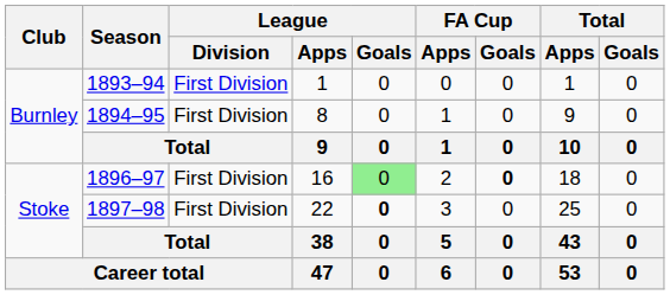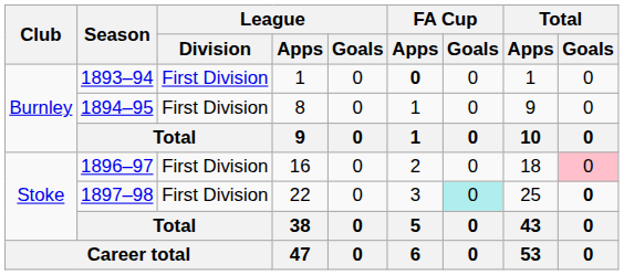 <table class="wikitable" style="text-align: center;">
 <tr>
 <th rowspan="2">Club</th>
 <th rowspan="2">Season</th>
 <th colspan="3">League</th>
 <th colspan="2">FA Cup</th>
 <th colspan="2">Total</th>
 </tr>
 <tr>
 <th>Division</th>
 <th>Apps</th>
 <th>Goals</th>
 <th>Apps</th>
 <th>Goals</th>
 <th>Apps</th>
 <th>Goals</th>
 </tr>
 <tr>
 <td rowspan=3><a href='#'>Burnley</a></td>
 <td><a href='#'>1893–94</a></td>
 <td><a href='#'>First Division</a></td>
 <td>1</td>
 <td>0</td>
-<td>0</td>
+<td><strong>0</strong></td>
 <td>0</td>
 <td>1</td>
 <td>0</td>
 </tr>
 <tr>
 <td><a href='#'>1894–95</a></td>
 <td>First Division</td>
 <td>8</td>
 <td>0</td>
 <td>1</td>
 <td>0</td>
 <td>9</td>
 <td>0</td>
 </tr>
 <tr>
 <th colspan=2>Total</th>
 <th>9</th>
 <th>0</th>
 <th>1</th>
 <th>0</th>
 <th>10</th>
 <th>0</th>
 </tr>
 <tr>
 <td rowspan=3><a href='#'>Stoke</a></td>
 <td><a href='#'>1896–97</a></td>
 <td>First Division</td>
 <td>16</td>
-<td style="background: lightgreen;">0</td>
+<td>0</td>
 <td>2</td>
-<td><strong>0</strong></td>
+<td>0</td>
 <td>18</td>
-<td>0</td>
+<td style="background: pink;">0</td>
 </tr>
 <tr>
 <td><a href='#'>1897–98</a></td>
 <td>First Division</td>
 <td>22</td>
+<td>0</td>
+<td>3</td>
+<td style="background: paleturquoise;">0</td>
+<td>25</td>
 <td><strong>0</strong></td>
-<td>3</td>
-<td>0</td>
-<td>25</td>
-<td>0</td>
 </tr>
 <tr>
 <th colspan=2>Total</th>
 <th>38</th>
 <th>0</th>
 <th>5</th>
 <th>0</th>
 <th>43</th>
 <th>0</th>
 </tr>
 <tr>
 <th colspan="3">Career total</th>
 <th>47</th>
 <th>0</th>
 <th>6</th>
 <th>0</th>
 <th>53</th>
 <th>0</th>
 </tr>
 </table>
